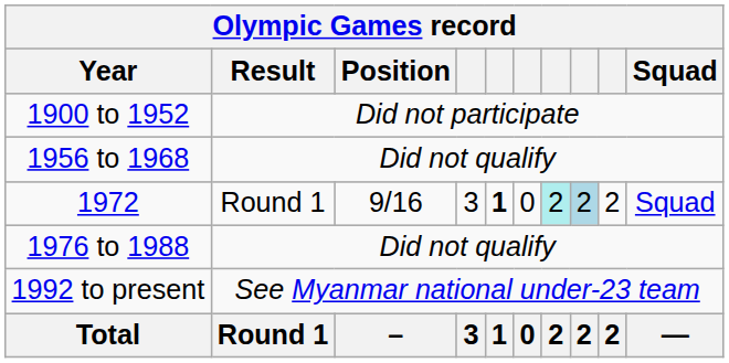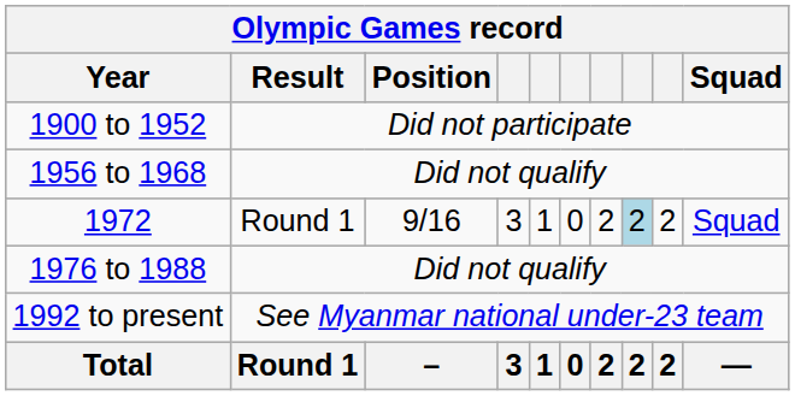 <table class="wikitable" style="text-align: center;font-size:100%;">
 <tr>
 <th colspan=10><a href='#'>Olympic Games</a> record</th>
 </tr>
 <tr>
 <th>Year</th>
 <th>Result</th>
 <th>Position</th>
 <th></th>
 <th></th>
 <th></th>
 <th></th>
 <th></th>
 <th></th>
 <th>Squad</th>
 </tr>
 <tr>
 <td> <a href='#'>1900</a> to  <a href='#'>1952</a></td>
 <td colspan="9"><em>Did not participate</em></td>
 </tr>
 <tr>
 <td> <a href='#'>1956</a> to  <a href='#'>1968</a></td>
 <td colspan="9"><em>Did not qualify</em></td>
 </tr>
 <tr>
 <td> <a href='#'>1972</a></td>
 <td>Round 1</td>
 <td>9/16</td>
 <td>3</td>
-<td><strong>1</strong></td>
+<td>1</td>
 <td>0</td>
-<td style="background: paleturquoise;">2</td>
+<td>2</td>
 <td style="background: lightblue;">2</td>
 <td>2</td>
 <td><a href='#'>Squad</a></td>
 </tr>
 <tr>
 <td> <a href='#'>1976</a> to  <a href='#'>1988</a></td>
 <td colspan="9"><em>Did not qualify</em></td>
 </tr>
 <tr>
 <td> <a href='#'>1992</a> to present</td>
 <td colspan=9><em>See <a href='#'>Myanmar national under-23 team</a></em></td>
 </tr>
 <tr>
 <th><strong>Total</strong></th>
 <th>Round 1</th>
 <th>–</th>
 <th><strong>3</strong></th>
 <th><strong>1</strong></th>
 <th><strong>0</strong></th>
 <th><strong>2</strong></th>
 <th><strong>2</strong></th>
 <th><strong>2</strong></th>
 <th><strong>—</strong></th>
 </tr>
 </table>
